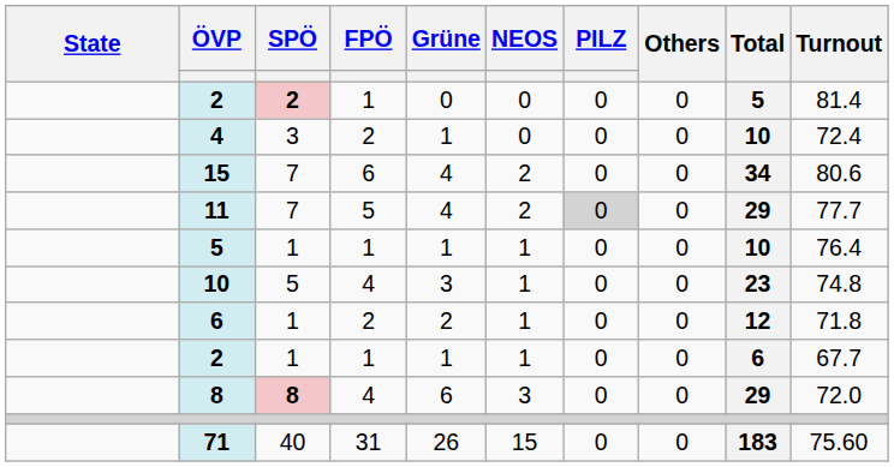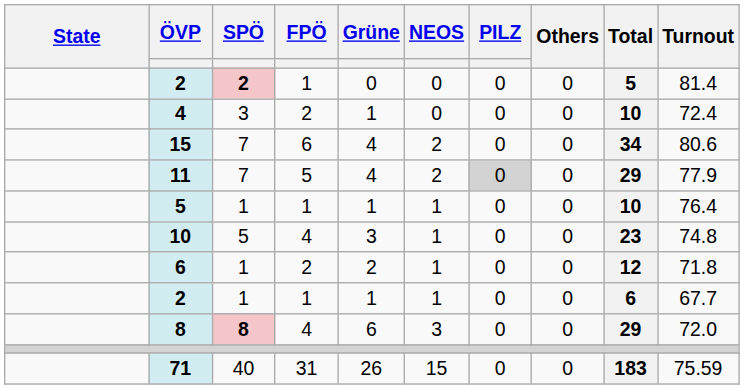 <table class="wikitable sortable" style="text-align:center;font-size:90%;line-height:16px">
 <tr style="height:40px;">
 <th rowspan="2" style="width:100px;"><a href='#'>State</a></th>
 <th style="width:40px;"><a href='#'><strong>ÖVP</strong></a></th>
 <th style="width:40px;"><a href='#'><strong>SPÖ</strong></a></th>
 <th style="width:40px;"><a href='#'><strong>FPÖ</strong></a></th>
 <th style="width:40px;"><a href='#'><strong>Grüne</strong></a></th>
 <th style="width:40px;"><a href='#'><strong>NEOS</strong></a></th>
 <th style="width:40px;"><a href='#'><strong>PILZ</strong></a></th>
 <th rowspan="2" class="unsortable" style="width:40px;">Others</th>
 <th rowspan="2"><strong>Total</strong></th>
 <th rowspan="2" class="unsortable" style="width:40px;">Turnout</th>
 </tr>
 <tr>
 <th style="background:"></th>
 <th style="background:"></th>
 <th style="background:"></th>
 <th style="background:"></th>
 <th style="background:"></th>
 <th style="background:"></th>
 </tr>
 <tr>
 <td align="left"></td>
 <td bgcolor="#D2EDF1"><strong>2</strong></td>
 <td bgcolor="#F4C6C9"><strong>2</strong></td>
 <td>1</td>
 <td>0</td>
 <td>0</td>
 <td>0</td>
 <td>0</td>
 <th><strong>5</strong></th>
 <td>81.4</td>
 </tr>
 <tr>
 <td align="left"></td>
 <td bgcolor="#D2EDF1"><strong>4</strong></td>
 <td>3</td>
 <td>2</td>
 <td>1</td>
 <td>0</td>
 <td>0</td>
 <td>0</td>
 <th><strong>10</strong></th>
 <td>72.4</td>
 </tr>
 <tr>
 <td align="left"></td>
 <td bgcolor="#D2EDF1"><strong>15</strong></td>
 <td>7</td>
 <td>6</td>
 <td>4</td>
 <td>2</td>
 <td>0</td>
 <td>0</td>
 <th><strong>34</strong></th>
 <td>80.6</td>
 </tr>
 <tr>
 <td align="left"></td>
 <td bgcolor="#D2EDF1"><strong>11</strong></td>
 <td>7</td>
 <td>5</td>
 <td>4</td>
 <td>2</td>
 <td style="background: lightgrey;">0</td>
 <td>0</td>
 <th><strong>29</strong></th>
-<td>77.7</td>
+<td>77.9</td>
 </tr>
 <tr>
 <td align="left"></td>
 <td bgcolor="#D2EDF1"><strong>5</strong></td>
 <td>1</td>
 <td>1</td>
 <td>1</td>
 <td>1</td>
 <td>0</td>
 <td>0</td>
 <th><strong>10</strong></th>
 <td>76.4</td>
 </tr>
 <tr>
 <td align="left"></td>
 <td bgcolor="#D2EDF1"><strong>10</strong></td>
 <td>5</td>
 <td>4</td>
 <td>3</td>
 <td>1</td>
 <td>0</td>
 <td>0</td>
 <th><strong>23</strong></th>
 <td>74.8</td>
 </tr>
 <tr>
 <td align="left"></td>
 <td bgcolor="#D2EDF1"><strong>6</strong></td>
 <td>1</td>
 <td>2</td>
 <td>2</td>
 <td>1</td>
 <td>0</td>
 <td>0</td>
 <th><strong>12</strong></th>
 <td>71.8</td>
 </tr>
 <tr>
 <td align="left"></td>
 <td bgcolor="#D2EDF1"><strong>2</strong></td>
 <td>1</td>
 <td>1</td>
 <td>1</td>
 <td>1</td>
 <td>0</td>
 <td>0</td>
 <th><strong>6</strong></th>
 <td>67.7</td>
 </tr>
 <tr>
 <td align="left"></td>
 <td bgcolor="#D2EDF1"><strong>8</strong></td>
 <td bgcolor="#F4C6C9"><strong>8</strong></td>
 <td>4</td>
 <td>6</td>
 <td>3</td>
 <td>0</td>
 <td>0</td>
 <th><strong>29</strong></th>
 <td>72.0</td>
 </tr>
 <tr>
 <td colspan="10" bgcolor="lightgrey"></td>
 </tr>
 <tr>
 <td align=left></td>
 <td bgcolor="#D2EDF1"><strong>71</strong></td>
 <td>40</td>
 <td>31</td>
 <td>26</td>
 <td>15</td>
 <td>0</td>
 <td>0</td>
 <th>183</th>
-<td>75.60</td>
+<td>75.59</td>
 </tr>
 </table>
